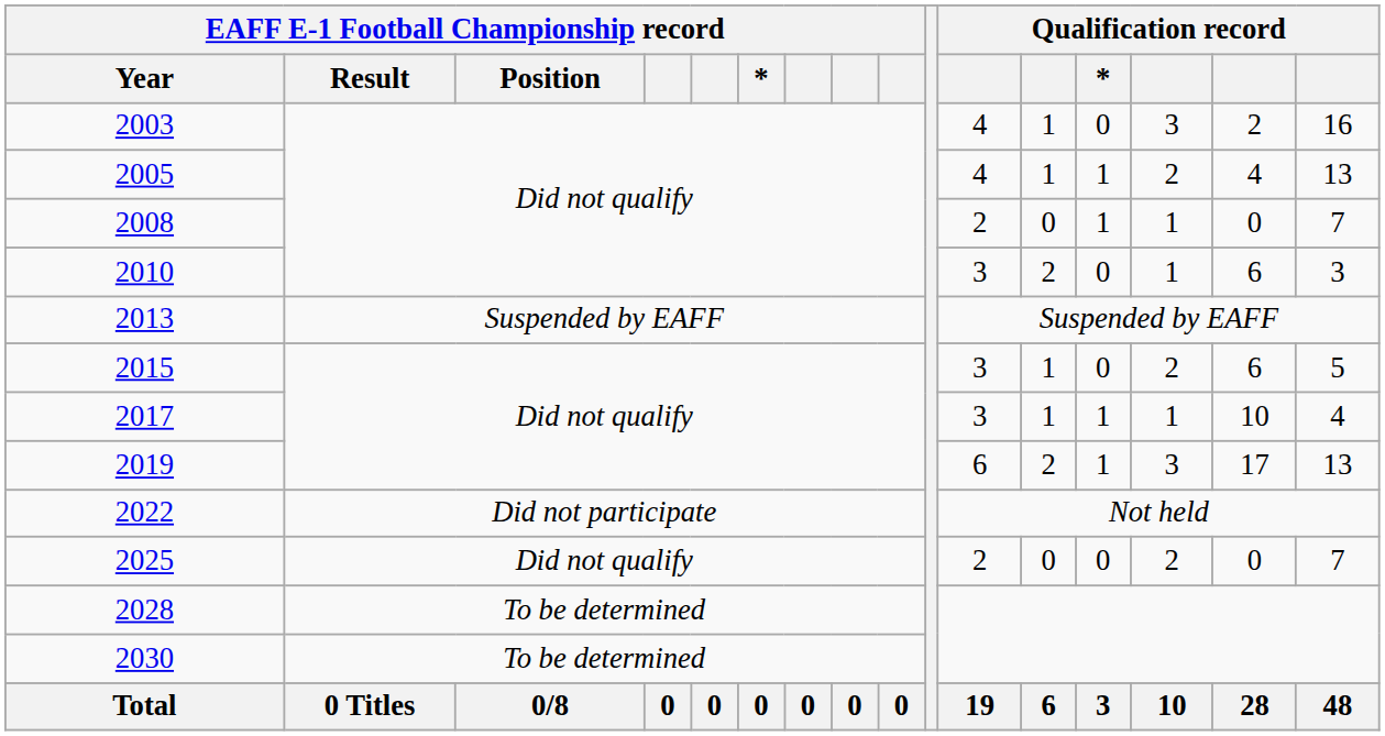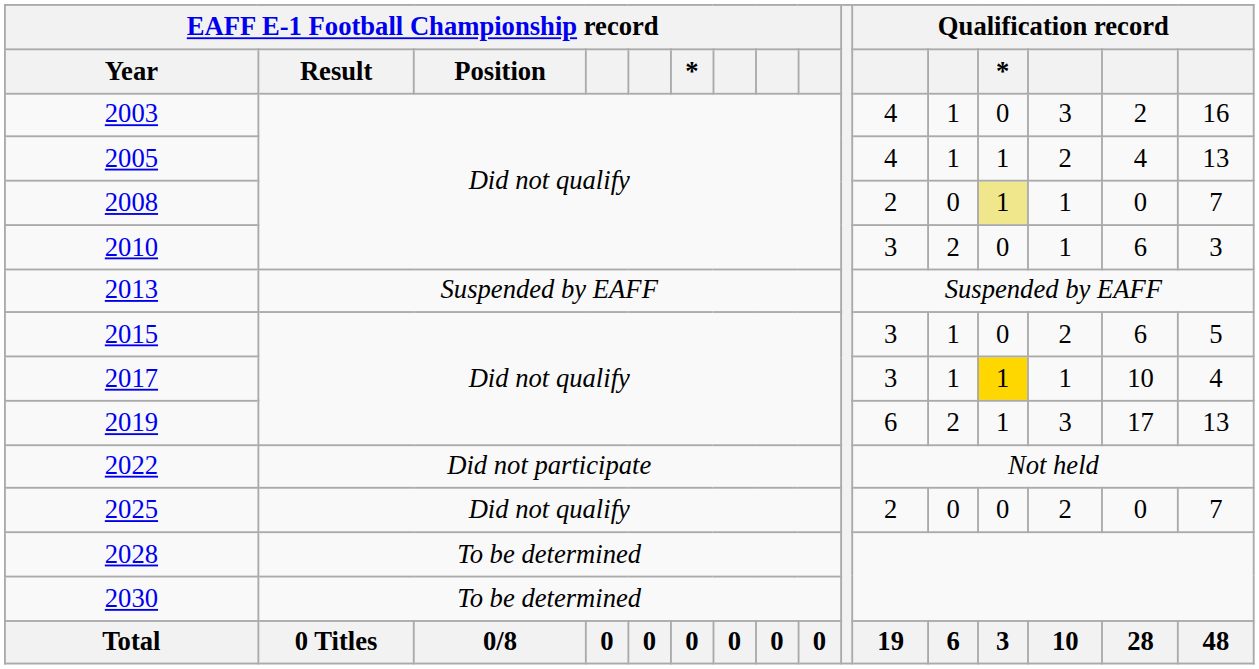 <table class="wikitable" style="text-align: center;font-size:90%;">
 <tr>
 <th colspan=9><a href='#'>EAFF E-1 Football Championship</a> record</th>
 <th style="width:1%;" rowspan="19"></th>
 <th colspan=6>Qualification record</th>
 </tr>
 <tr>
 <th width=130>Year</th>
 <th>Result</th>
 <th>Position</th>
 <th></th>
 <th></th>
 <th>*</th>
 <th></th>
 <th></th>
 <th></th>
 <th></th>
 <th></th>
 <th>*</th>
 <th></th>
 <th></th>
 <th></th>
 </tr>
 <tr>
 <td> <a href='#'>2003</a></td>
 <td rowspan=4 colspan=8><em>Did not qualify</em></td>
 <td>4</td>
 <td>1</td>
 <td>0</td>
 <td>3</td>
 <td>2</td>
 <td>16</td>
 </tr>
 <tr>
 <td> <a href='#'>2005</a></td>
 <td>4</td>
 <td>1</td>
 <td>1</td>
 <td>2</td>
 <td>4</td>
 <td>13</td>
 </tr>
 <tr>
 <td> <a href='#'>2008</a></td>
 <td>2</td>
 <td>0</td>
-<td>1</td>
+<td style="background: khaki;">1</td>
 <td>1</td>
 <td>0</td>
 <td>7</td>
 </tr>
 <tr>
 <td> <a href='#'>2010</a></td>
 <td>3</td>
 <td>2</td>
 <td>0</td>
 <td>1</td>
 <td>6</td>
 <td>3</td>
 </tr>
 <tr>
 <td> <a href='#'>2013</a></td>
 <td colspan=8><em>Suspended by EAFF</em></td>
 <td colspan=6><em>Suspended by EAFF</em></td>
 </tr>
 <tr>
 <td> <a href='#'>2015</a></td>
 <td rowspan=3 colspan=8><em>Did not qualify</em></td>
 <td>3</td>
 <td>1</td>
 <td>0</td>
 <td>2</td>
 <td>6</td>
 <td>5</td>
 </tr>
 <tr>
 <td> <a href='#'>2017</a></td>
 <td>3</td>
 <td>1</td>
-<td>1</td>
+<td style="background: gold;">1</td>
 <td>1</td>
 <td>10</td>
 <td>4</td>
 </tr>
 <tr>
 <td> <a href='#'>2019</a></td>
 <td>6</td>
 <td>2</td>
 <td>1</td>
 <td>3</td>
 <td>17</td>
 <td>13</td>
 </tr>
 <tr>
 <td> <a href='#'>2022</a></td>
 <td colspan=8><em>Did not participate</em></td>
 <td colspan=7><em>Not held</em></td>
 </tr>
 <tr>
 <td> <a href='#'>2025</a></td>
 <td colspan=8><em>Did not qualify</em></td>
 <td>2</td>
 <td>0</td>
 <td>0</td>
 <td>2</td>
 <td>0</td>
 <td>7</td>
 </tr>
 <tr>
 <td> <a href='#'>2028</a></td>
 <td colspan=8><em>To be determined</em></td>
 </tr>
 <tr>
 <td> <a href='#'>2030</a></td>
 <td colspan=8><em>To be determined</em></td>
 </tr>
 <tr>
 <th><strong>Total</strong></th>
 <th><strong>0 Titles</strong></th>
 <th><strong>0/8</strong></th>
 <th>0</th>
 <th>0</th>
 <th>0</th>
 <th>0</th>
 <th>0</th>
 <th>0</th>
 <th>19</th>
 <th>6</th>
 <th>3</th>
 <th>10</th>
 <th>28</th>
 <th>48</th>
 </tr>
 </table>
